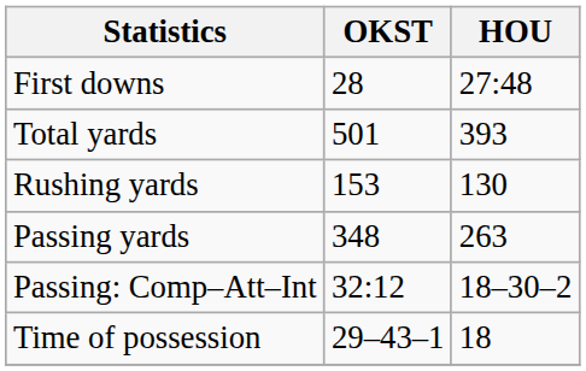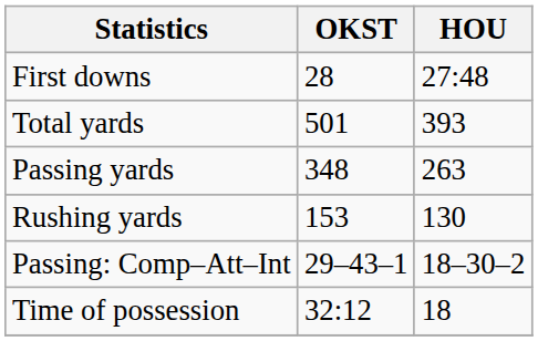 <table class="wikitable" style="float: left;">
 <tr>
 <th>Statistics</th>
 <th>OKST</th>
 <th>HOU</th>
 </tr>
 <tr>
 <td>First downs</td>
 <td>28</td>
 <td>27:48</td>
 </tr>
 <tr>
 <td>Total yards</td>
 <td>501</td>
 <td>393</td>
 </tr>
 <tr>
+<td>Passing yards</td>
+<td>348</td>
+<td>263</td>
+</tr>
+<tr>
 <td>Rushing yards</td>
 <td>153</td>
 <td>130</td>
 </tr>
 <tr>
-<td>Passing yards</td>
-<td>348</td>
-<td>263</td>
-</tr>
-<tr>
 <td>Passing: Comp–Att–Int</td>
-<td>32:12</td>
+<td>29–43–1</td>
 <td>18–30–2</td>
 </tr>
 <tr>
 <td>Time of possession</td>
-<td>29–43–1</td>
+<td>32:12</td>
 <td>18</td>
 </tr>
 <tr>
 </tr>
 </table>
